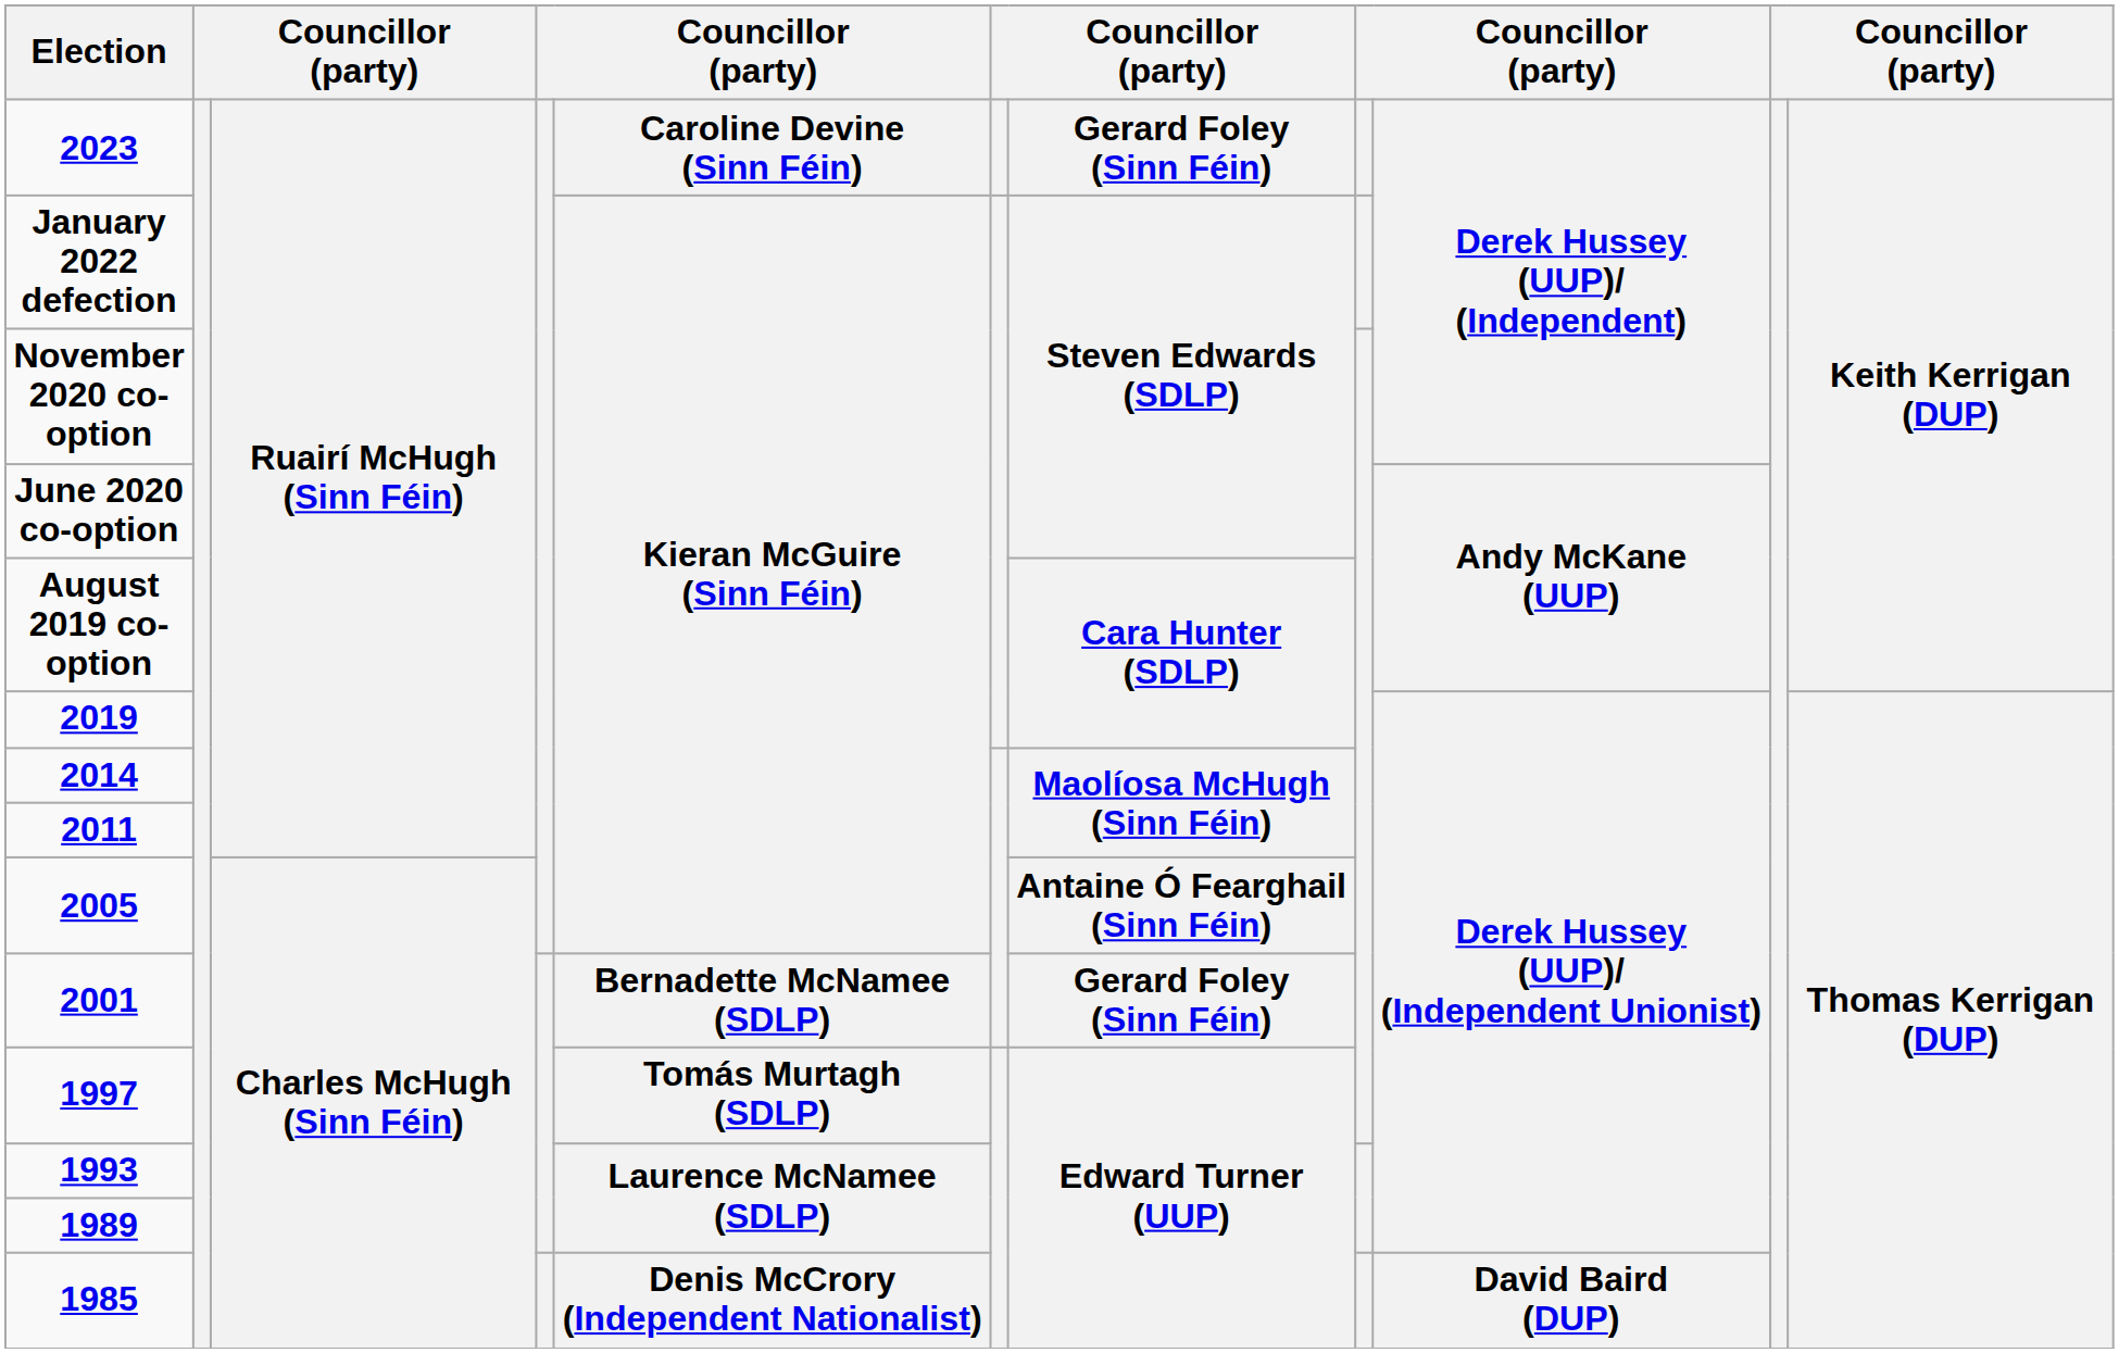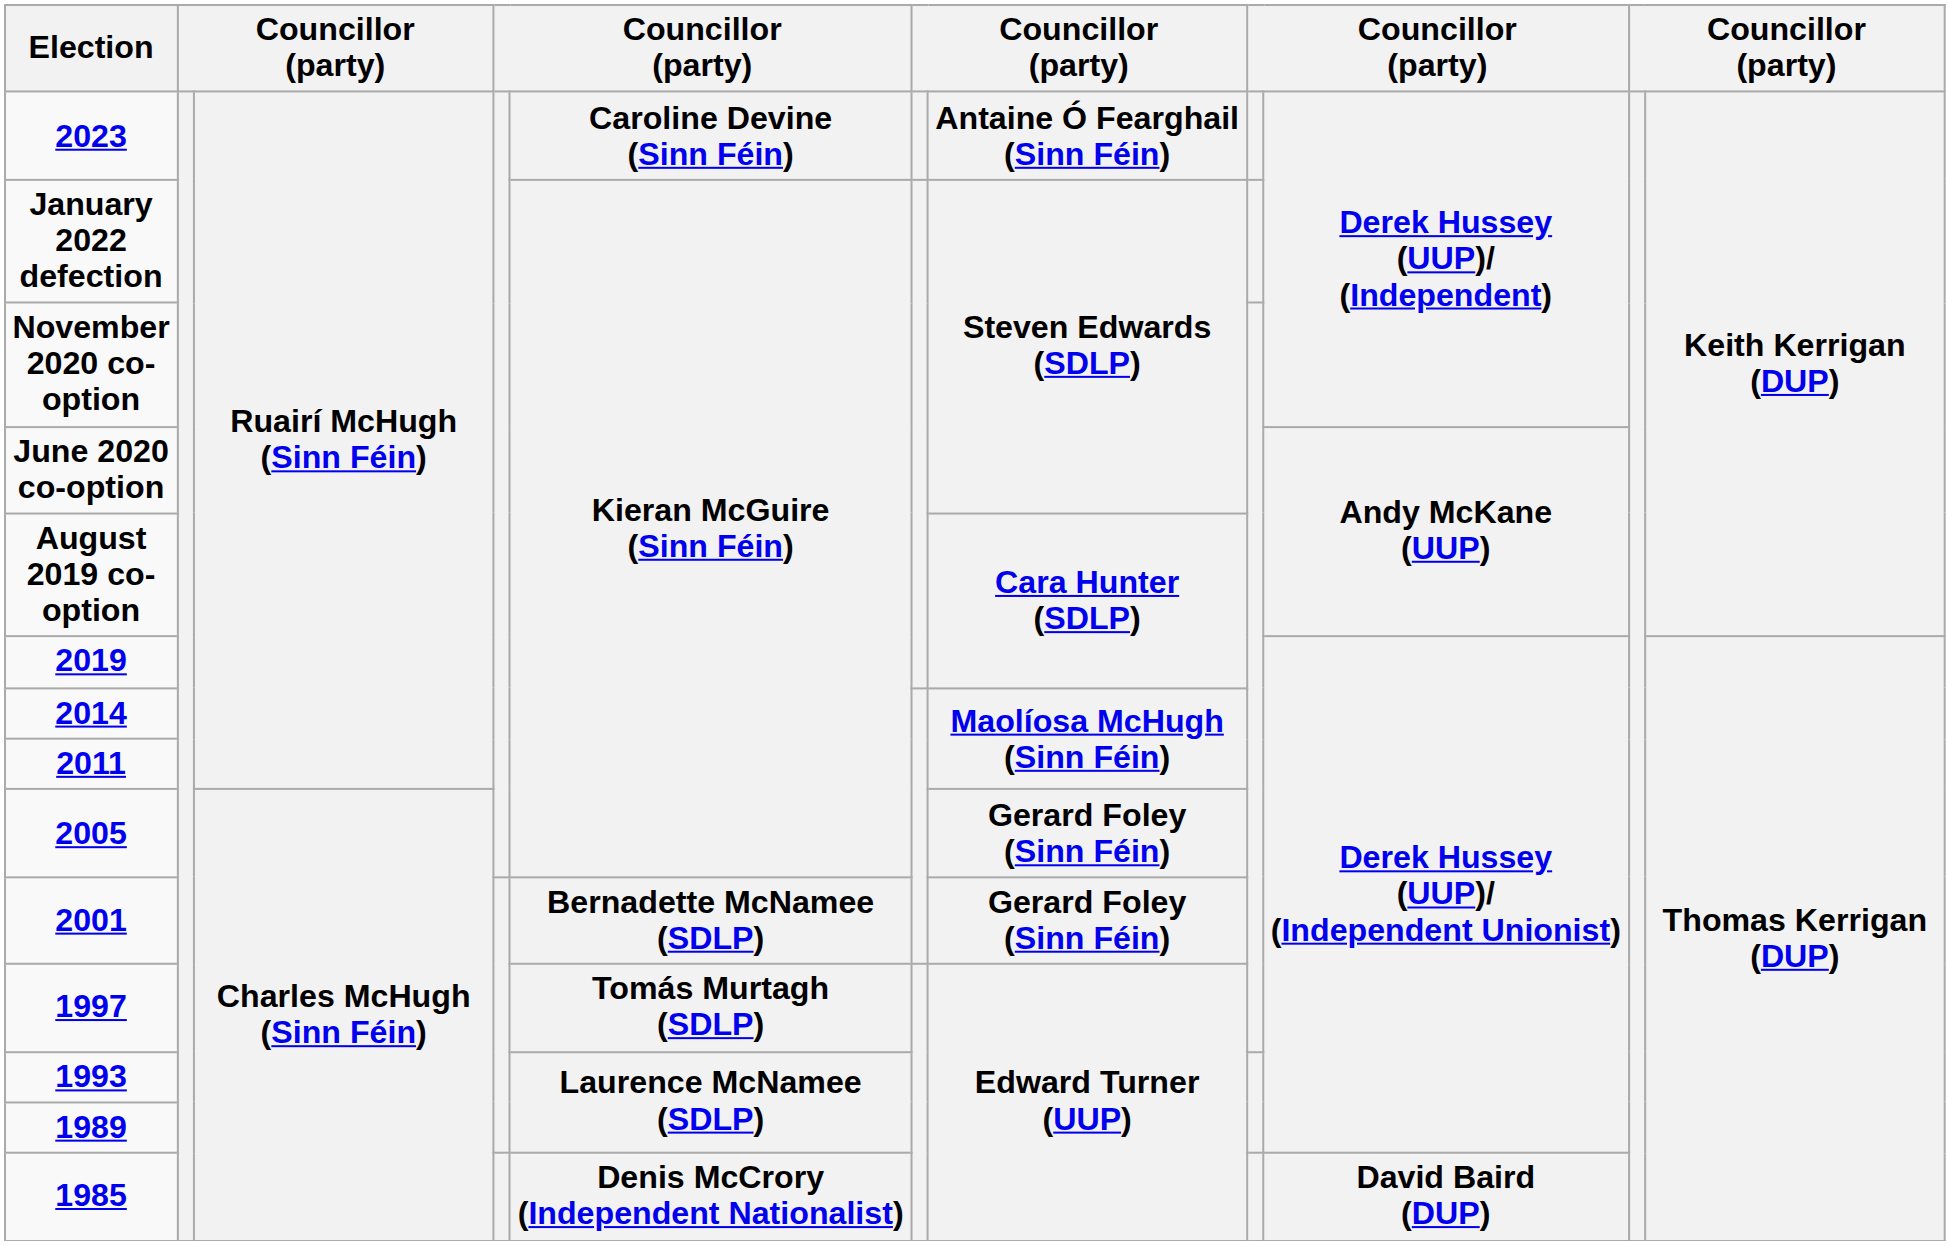 <table class="wikitable" style="text-align:center">
 <tr>
 <th scope="col" width="50">Election</th>
 <th scope="col" width="150" colspan = "2">Councillor<br> (party)</th>
 <th scope="col" width="150" colspan = "2">Councillor<br> (party)</th>
 <th scope="col" width="150" colspan = "2">Councillor<br> (party)</th>
 <th scope="col" width="150" colspan = "2">Councillor<br> (party)</th>
 <th scope="col" width="150" colspan = "2">Councillor<br> (party)</th>
 </tr>
 <tr>
 <td><strong><a href='#'>2023</a></strong></td>
 <th rowspan="14" width="1" style="background-color: "></th>
 <th rowspan = "8">Ruairí McHugh <br> (<a href='#'>Sinn Féin</a>)</th>
 <th rowspan="9" width="1" style="background-color: "></th>
 <th rowspan = "1">Caroline Devine <br> (<a href='#'>Sinn Féin</a>)</th>
 <th rowspan="1" width="1" style="background-color: "></th>
-<th rowspan = "1">Gerard Foley <br> (<a href='#'>Sinn Féin</a>)</th>
+<th rowspan = "1">Antaine Ó Fearghail <br> (<a href='#'>Sinn Féin</a>)</th>
 <th rowspan="1" width="1" style="background-color: "></th>
 <th rowspan = "3"><a href='#'>Derek Hussey</a> <br> (<a href='#'>UUP</a>)/ <br> (<a href='#'>Independent</a>)</th>
 <th rowspan="14" width="1" style="background-color: "></th>
 <th rowspan = "5">Keith Kerrigan <br> (<a href='#'>DUP</a>)</th>
 </tr>
 <tr>
 <td><strong>January 2022 defection</strong></td>
 <th rowspan = "8">Kieran McGuire <br> (<a href='#'>Sinn Féin</a>)</th>
 <th rowspan="5" width="1" style="background-color: "></th>
 <th rowspan = "3">Steven Edwards <br> (<a href='#'>SDLP</a>)</th>
 <th rowspan="1" width="1" style="background-color: "></th>
 </tr>
 <tr>
 <td><strong>November 2020 co-option</strong></td>
 <th rowspan="9" width="1" style="background-color: "></th>
 </tr>
 <tr>
 <td><strong>June 2020 co-option</strong></td>
 <th rowspan = "2">Andy McKane <br> (<a href='#'>UUP</a>)</th>
 </tr>
 <tr>
 <td><strong>August 2019 co-option</strong></td>
 <th rowspan = "2"><a href='#'>Cara Hunter</a> <br> (<a href='#'>SDLP</a>)</th>
 </tr>
 <tr>
 <td><strong><a href='#'>2019</a></strong></td>
 <th rowspan = "8"><a href='#'>Derek Hussey</a> <br> (<a href='#'>UUP</a>)/ <br> (<a href='#'>Independent Unionist</a>)</th>
 <th rowspan = "9">Thomas Kerrigan <br> (<a href='#'>DUP</a>)</th>
 </tr>
 <tr>
 <td><strong><a href='#'>2014</a></strong></td>
 <th rowspan="4" width="1" style="background-color: "></th>
 <th rowspan = "2"><a href='#'>Maolíosa McHugh</a> <br> (<a href='#'>Sinn Féin</a>)</th>
 </tr>
 <tr>
 <td><strong><a href='#'>2011</a></strong></td>
 </tr>
 <tr>
 <td><strong><a href='#'>2005</a></strong></td>
 <th rowspan = "6">Charles McHugh <br> (<a href='#'>Sinn Féin</a>)</th>
-<th rowspan = "1">Antaine Ó Fearghail <br> (<a href='#'>Sinn Féin</a>)</th>
+<th rowspan = "1">Gerard Foley <br> (<a href='#'>Sinn Féin</a>)</th>
 </tr>
 <tr>
 <td><strong><a href='#'>2001</a></strong></td>
 <th rowspan="4" width="1" style="background-color: "></th>
 <th rowspan = "1">Bernadette McNamee <br> (<a href='#'>SDLP</a>)</th>
 <th rowspan = "1">Gerard Foley <br> (<a href='#'>Sinn Féin</a>)</th>
 </tr>
 <tr>
 <td><strong><a href='#'>1997</a></strong></td>
 <th rowspan = "1">Tomás Murtagh <br> (<a href='#'>SDLP</a>)</th>
 <th rowspan="4" width="1" style="background-color: "></th>
 <th rowspan = "4">Edward Turner <br> (<a href='#'>UUP</a>)</th>
 </tr>
 <tr>
 <td><strong><a href='#'>1993</a></strong></td>
 <th rowspan = "2">Laurence McNamee <br> (<a href='#'>SDLP</a>)</th>
 <th rowspan="2" width="1" style="background-color: "></th>
 </tr>
 <tr>
 <td><strong><a href='#'>1989</a></strong></td>
 </tr>
 <tr>
 <td><strong><a href='#'>1985</a></strong></td>
 <th rowspan="1" width="1" style="background-color: "></th>
 <th rowspan = "1">Denis McCrory <br> (<a href='#'>Independent Nationalist</a>)</th>
 <th rowspan="1" width="1" style="background-color: "></th>
 <th rowspan = "1">David Baird <br> (<a href='#'>DUP</a>)</th>
 </tr>
 <tr>
 </tr>
 </table>
